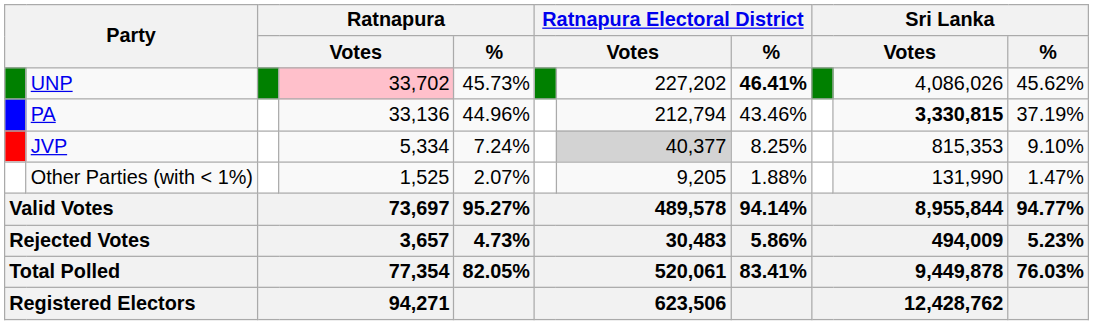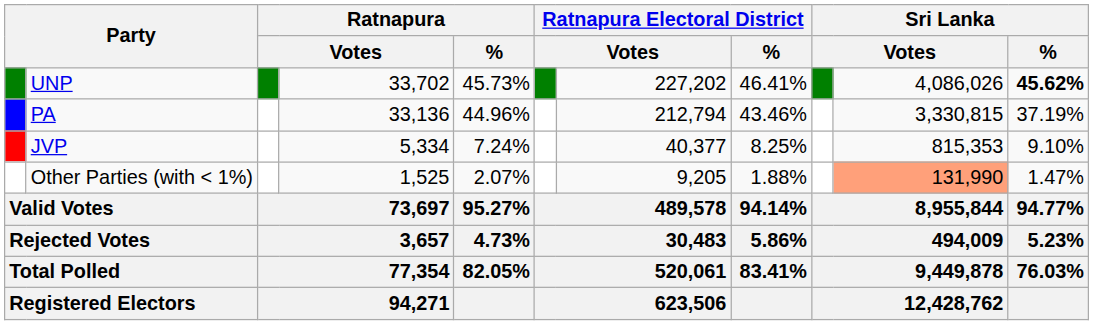 <table class="wikitable">
 <tr>
 <th colspan="2" width="144px"rowspan="2">Party</th>
 <th colspan="3" width="216px">Ratnapura</th>
 <th colspan="3" width="216px"><a href='#'>Ratnapura Electoral District</a></th>
 <th colspan="3" width="216px">Sri Lanka</th>
 </tr>
 <tr>
 <th colspan="2" width="144px">Votes</th>
 <th>%</th>
 <th colspan="2" width="144px">Votes</th>
 <th>%</th>
 <th colspan="2" width="144px">Votes</th>
 <th>%</th>
 </tr>
 <tr>
 <td style="background-color:green;" width="10px"></td>
 <td style="text-align:left;"><a href='#'>UNP</a></td>
 <td style="background-color:green;" width="10px"></td>
-<td style="background: pink; text-align:right;">33,702</td>
+<td style="text-align:right;">33,702</td>
 <td style="text-align:right;">45.73%</td>
 <td style="background-color:green;" width="10px"></td>
 <td style="text-align:right;">227,202</td>
-<td style="text-align:right;"><strong>46.41%</strong></td>
+<td style="text-align:right;">46.41%</td>
 <td style="background-color:green;" width="10px"></td>
 <td style="text-align:right;">4,086,026</td>
-<td style="text-align:right;">45.62%</td>
+<td style="text-align:right;"><strong>45.62%</strong></td>
 </tr>
 <tr>
 <td style="background-color:blue;" width="10px"></td>
 <td style="text-align:left;"><a href='#'>PA</a></td>
 <td style="background-color:white;" width="10px"></td>
 <td style="text-align:right;">33,136</td>
 <td style="text-align:right;">44.96%</td>
 <td style="background-color:white;" width="10px"></td>
 <td style="text-align:right;">212,794</td>
 <td style="text-align:right;">43.46%</td>
 <td style="background-color:white;" width="10px"></td>
-<td style="text-align:right;"><strong>3,330,815</strong></td>
+<td style="text-align:right;">3,330,815</td>
 <td style="text-align:right;">37.19%</td>
 </tr>
 <tr>
 <td style="background-color:red;" width="10px"></td>
 <td style="text-align:left;"><a href='#'>JVP</a></td>
 <td style="background-color:white;" width="10px"></td>
 <td style="text-align:right;">5,334</td>
 <td style="text-align:right;">7.24%</td>
 <td style="background-color:white;" width="10px"></td>
-<td style="background: lightgrey; text-align:right;">40,377</td>
+<td style="text-align:right;">40,377</td>
 <td style="text-align:right;">8.25%</td>
 <td style="background-color:white;" width="10px"></td>
 <td style="text-align:right;">815,353</td>
 <td style="text-align:right;">9.10%</td>
 </tr>
 <tr>
 <td style="background-color:white;" width="10px"></td>
 <td style="text-align:left;">Other Parties (with < 1%)</td>
 <td style="background-color:white;" width="10px"></td>
 <td style="text-align:right;">1,525</td>
 <td style="text-align:right;">2.07%</td>
 <td style="background-color:white;" width="10px"></td>
 <td style="text-align:right;">9,205</td>
 <td style="text-align:right;">1.88%</td>
 <td style="background-color:white;" width="10px"></td>
-<td style="text-align:right;">131,990</td>
+<td style="background: lightsalmon; text-align:right;">131,990</td>
 <td style="text-align:right;">1.47%</td>
 </tr>
 <tr>
 <th colspan="2" width="144px"style="text-align:left;">Valid Votes</th>
 <th style="text-align:right;"colspan="2" width="144px">73,697</th>
 <th style="text-align:right;">95.27%</th>
 <th style="text-align:right;"colspan="2" width="144px">489,578</th>
 <th style="text-align:right;">94.14%</th>
 <th style="text-align:right;"colspan="2" width="144px">8,955,844</th>
 <th style="text-align:right;">94.77%</th>
 </tr>
 <tr>
 <th colspan="2" width="144px"style="text-align:left;">Rejected Votes</th>
 <th style="text-align:right;"colspan="2" width="144px">3,657</th>
 <th style="text-align:right;">4.73%</th>
 <th style="text-align:right;"colspan="2" width="144px">30,483</th>
 <th style="text-align:right;">5.86%</th>
 <th style="text-align:right;"colspan="2" width="144px">494,009</th>
 <th style="text-align:right;">5.23%</th>
 </tr>
 <tr>
 <th colspan="2" width="144px"style="text-align:left;">Total Polled</th>
 <th style="text-align:right;"colspan="2" width="144px">77,354</th>
 <th style="text-align:right;">82.05%</th>
 <th style="text-align:right;"colspan="2" width="144px">520,061</th>
 <th style="text-align:right;">83.41%</th>
 <th style="text-align:right;"colspan="2" width="144px">9,449,878</th>
 <th style="text-align:right;">76.03%</th>
 </tr>
 <tr>
 <th colspan="2" width="144px"style="text-align:left;">Registered Electors</th>
 <th style="text-align:right;"colspan="2" width="144px">94,271</th>
 <th></th>
 <th style="text-align:right;"colspan="2" width="144px">623,506</th>
 <th></th>
 <th style="text-align:right;"colspan="2" width="144px">12,428,762</th>
 <th></th>
 </tr>
 </table>
